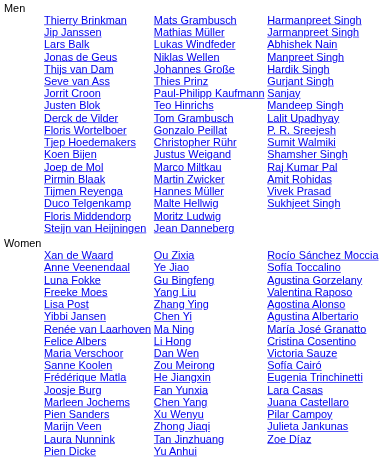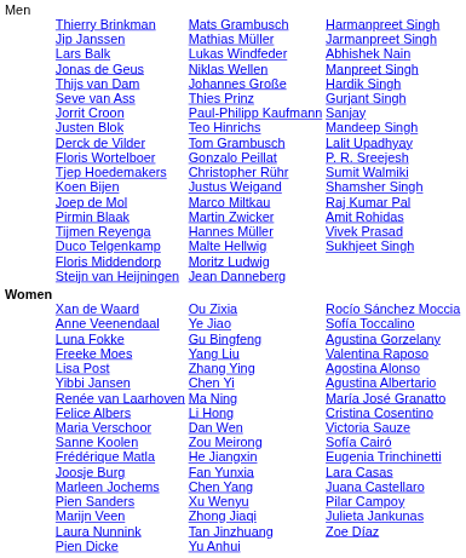 <table>
 <tr valign="top">
 <td>Men<br></td>
 <td><br><a href='#'>Thierry Brinkman</a><br><a href='#'>Jip Janssen</a><br><a href='#'>Lars Balk</a><br><a href='#'>Jonas de Geus</a><br><a href='#'>Thijs van Dam</a><br><a href='#'>Seve van Ass</a><br><a href='#'>Jorrit Croon</a><br><a href='#'>Justen Blok</a><br><a href='#'>Derck de Vilder</a><br><a href='#'>Floris Wortelboer</a><br><a href='#'>Tjep Hoedemakers</a><br><a href='#'>Koen Bijen</a><br><a href='#'>Joep de Mol</a><br><a href='#'>Pirmin Blaak</a><br><a href='#'>Tijmen Reyenga</a><br><a href='#'>Duco Telgenkamp</a><br><a href='#'>Floris Middendorp</a><br><a href='#'>Steijn van Heijningen</a></td>
 <td><br><a href='#'>Mats Grambusch</a><br><a href='#'>Mathias Müller</a><br><a href='#'>Lukas Windfeder</a><br><a href='#'>Niklas Wellen</a><br><a href='#'>Johannes Große</a><br><a href='#'>Thies Prinz</a><br><a href='#'>Paul-Philipp Kaufmann</a><br><a href='#'>Teo Hinrichs</a><br><a href='#'>Tom Grambusch</a><br><a href='#'>Gonzalo Peillat</a><br><a href='#'>Christopher Rühr</a><br><a href='#'>Justus Weigand</a><br><a href='#'>Marco Miltkau</a><br><a href='#'>Martin Zwicker</a><br><a href='#'>Hannes Müller</a><br><a href='#'>Malte Hellwig</a><br><a href='#'>Moritz Ludwig</a><br><a href='#'>Jean Danneberg</a></td>
 <td><br><a href='#'>Harmanpreet Singh</a><br><a href='#'>Jarmanpreet Singh</a><br><a href='#'>Abhishek Nain</a><br><a href='#'>Manpreet Singh</a><br><a href='#'>Hardik Singh</a><br><a href='#'>Gurjant Singh</a><br><a href='#'>Sanjay</a><br><a href='#'>Mandeep Singh</a><br><a href='#'>Lalit Upadhyay</a><br><a href='#'>P. R. Sreejesh</a><br><a href='#'>Sumit Walmiki</a><br><a href='#'>Shamsher Singh</a><br><a href='#'>Raj Kumar Pal</a><br><a href='#'>Amit Rohidas</a><br><a href='#'>Vivek Prasad</a><br><a href='#'>Sukhjeet Singh</a></td>
 </tr>
 <tr valign="top">
-<td>Women<br></td>
+<td><strong>Women<br></strong></td>
 <td><br><a href='#'>Xan de Waard</a><br><a href='#'>Anne Veenendaal</a><br><a href='#'>Luna Fokke</a><br><a href='#'>Freeke Moes</a><br><a href='#'>Lisa Post</a><br><a href='#'>Yibbi Jansen</a><br><a href='#'>Renée van Laarhoven</a><br><a href='#'>Felice Albers</a><br><a href='#'>Maria Verschoor</a><br><a href='#'>Sanne Koolen</a><br><a href='#'>Frédérique Matla</a><br><a href='#'>Joosje Burg</a><br><a href='#'>Marleen Jochems</a><br><a href='#'>Pien Sanders</a><br><a href='#'>Marijn Veen</a><br><a href='#'>Laura Nunnink</a><br><a href='#'>Pien Dicke</a></td>
 <td><br><a href='#'>Ou Zixia</a><br><a href='#'>Ye Jiao</a><br><a href='#'>Gu Bingfeng</a><br><a href='#'>Yang Liu</a><br><a href='#'>Zhang Ying</a><br><a href='#'>Chen Yi</a><br><a href='#'>Ma Ning</a><br><a href='#'>Li Hong</a><br><a href='#'>Dan Wen</a><br><a href='#'>Zou Meirong</a><br><a href='#'>He Jiangxin</a><br><a href='#'>Fan Yunxia</a><br><a href='#'>Chen Yang</a><br><a href='#'>Xu Wenyu</a><br><a href='#'>Zhong Jiaqi</a><br><a href='#'>Tan Jinzhuang</a><br><a href='#'>Yu Anhui</a></td>
 <td><br><a href='#'>Rocío Sánchez Moccia</a><br><a href='#'>Sofía Toccalino</a><br><a href='#'>Agustina Gorzelany</a><br><a href='#'>Valentina Raposo</a><br><a href='#'>Agostina Alonso</a><br><a href='#'>Agustina Albertario</a><br><a href='#'>María José Granatto</a><br><a href='#'>Cristina Cosentino</a><br><a href='#'>Victoria Sauze</a><br><a href='#'>Sofía Cairó</a><br><a href='#'>Eugenia Trinchinetti</a><br><a href='#'>Lara Casas</a><br><a href='#'>Juana Castellaro</a><br><a href='#'>Pilar Campoy</a><br><a href='#'>Julieta Jankunas</a><br><a href='#'>Zoe Díaz</a></td>
 </tr>
 </table>
